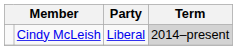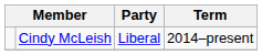 <table class="wikitable">
 <tr>
 <th colspan="2">Member</th>
 <th>Party</th>
 <th>Term</th>
 </tr>
 <tr>
 <td> </td>
 <td><a href='#'>Cindy McLeish</a></td>
 <td><a href='#'>Liberal</a></td>
-<td style="background: lightgrey;">2014–present</td>
+<td>2014–present</td>
 </tr>
 <tr>
 </tr>
 </table>
